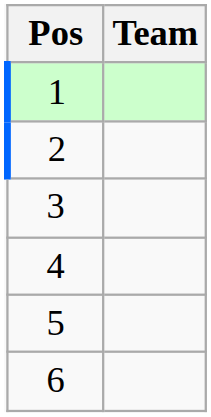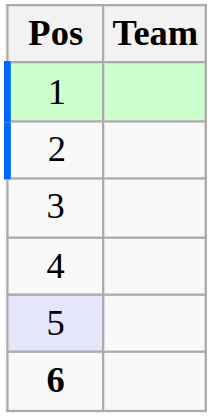 <table class="wikitable" style="text-align:center;">
 <tr>
 <th width="35">Pos</th>
 <th>Team</th>
 </tr>
 <tr bgcolor="ccffcc">
 <td style="border-left:3px solid #06f;">1</td>
 <td align="left"></td>
 </tr>
 <tr>
 <td style="border-left:3px solid #06f;">2</td>
 <td align="left"></td>
 </tr>
 <tr>
 <td>3</td>
 <td align="left"></td>
 </tr>
 <tr>
 <td>4</td>
 <td align="left"></td>
 </tr>
 <tr>
-<td>5</td>
+<td style="background: lavender;">5</td>
 <td align="left"></td>
 </tr>
 <tr>
-<td>6</td>
+<td><strong>6</strong></td>
 <td align="left"></td>
 </tr>
 </table>
